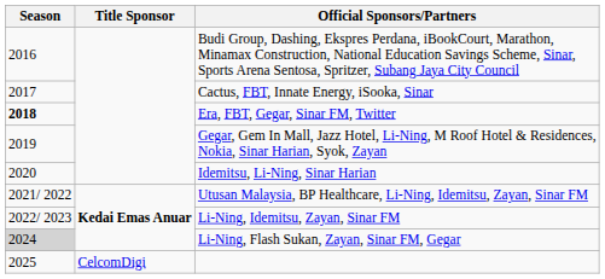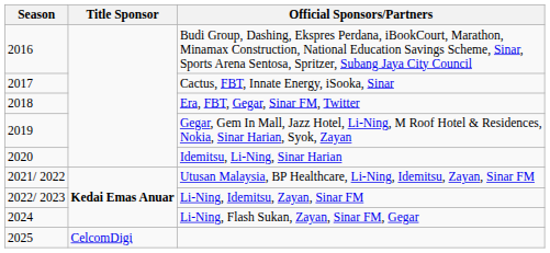 <table class="wikitable">
 <tr>
 <th>Season</th>
 <th>Title Sponsor</th>
 <th>Official Sponsors/Partners</th>
 </tr>
 <tr>
 <td>2016</td>
 <td rowspan="5"></td>
 <td>Budi Group, Dashing, Ekspres Perdana, iBookCourt, Marathon,<br>Minamax Construction, National Education Savings Scheme, <a href='#'>Sinar</a>,<br>Sports Arena Sentosa, Spritzer, <a href='#'>Subang Jaya City Council</a></td>
 </tr>
 <tr>
 <td>2017</td>
 <td>Cactus, <a href='#'>FBT</a>, Innate Energy, iSooka, <a href='#'>Sinar</a></td>
 </tr>
 <tr>
-<td><strong>2018</strong></td>
+<td>2018</td>
 <td><a href='#'>Era</a>, <a href='#'>FBT</a>, <a href='#'>Gegar</a>, <a href='#'>Sinar FM</a>, <a href='#'>Twitter</a></td>
 </tr>
 <tr>
 <td>2019</td>
 <td><a href='#'>Gegar</a>, Gem In Mall, Jazz Hotel, <a href='#'>Li-Ning</a>, M Roof Hotel & Residences,<br><a href='#'>Nokia</a>, <a href='#'>Sinar Harian</a>, Syok, <a href='#'>Zayan</a></td>
 </tr>
 <tr>
 <td>2020</td>
 <td><a href='#'>Idemitsu</a>, <a href='#'>Li-Ning</a>, <a href='#'>Sinar Harian</a></td>
 </tr>
 <tr>
 <td>2021/ 2022</td>
 <td rowspan="3"><strong>Kedai Emas Anuar</strong></td>
 <td><a href='#'>Utusan Malaysia</a>, BP Healthcare, <a href='#'>Li-Ning</a>, <a href='#'>Idemitsu</a>, <a href='#'>Zayan</a>, <a href='#'>Sinar FM</a></td>
 </tr>
 <tr>
 <td>2022/ 2023</td>
 <td><a href='#'>Li-Ning</a>, <a href='#'>Idemitsu</a>, <a href='#'>Zayan</a>, <a href='#'>Sinar FM</a></td>
 </tr>
 <tr>
-<td style="background: lightgrey;">2024</td>
+<td>2024</td>
 <td><a href='#'>Li-Ning</a>, Flash Sukan, <a href='#'>Zayan</a>, <a href='#'>Sinar FM</a>, <a href='#'>Gegar</a></td>
 </tr>
 <tr>
 <td>2025</td>
 <td><a href='#'>CelcomDigi</a></td>
 <td></td>
 </tr>
 </table>
